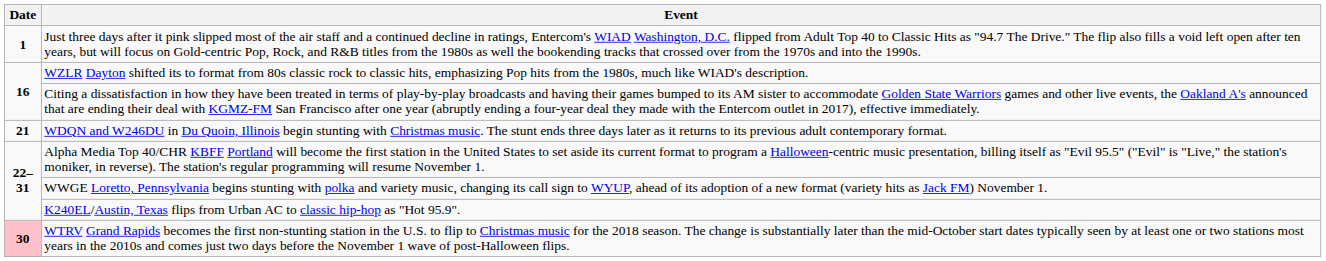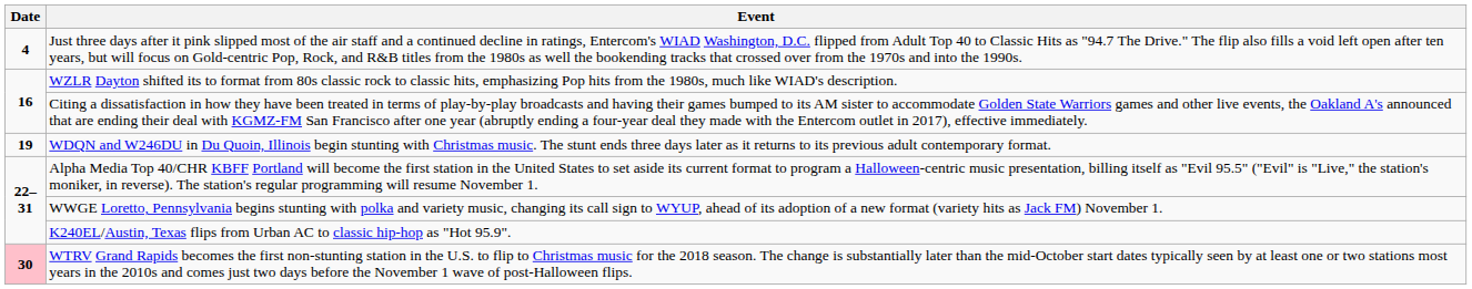 <table class="wikitable">
 <tr>
 <th>Date</th>
 <th>Event</th>
 </tr>
 <tr>
-<td style="text-align:center;"><strong>1</strong></td>
+<td style="text-align:center;"><strong>4</strong></td>
 <td>Just three days after it pink slipped most of the air staff and a continued decline in ratings, Entercom's <a href='#'>WIAD</a> <a href='#'>Washington, D.C.</a> flipped from Adult Top 40 to Classic Hits as "94.7 The Drive." The flip also fills a void left open after ten years, but will focus on Gold-centric Pop, Rock, and R&B titles from the 1980s as well the bookending tracks that crossed over from the 1970s and into the 1990s.</td>
 </tr>
 <tr>
 <td style="text-align:center;" rowspan="2"><strong>16</strong></td>
 <td><a href='#'>WZLR</a> <a href='#'>Dayton</a> shifted its to format from 80s classic rock to classic hits, emphasizing Pop hits from the 1980s, much like WIAD's description.</td>
 </tr>
 <tr>
 <td>Citing a dissatisfaction in how they have been treated in terms of play-by-play broadcasts and having their games bumped to its AM sister to accommodate <a href='#'>Golden State Warriors</a> games and other live events, the <a href='#'>Oakland A's</a> announced that are ending their deal with <a href='#'>KGMZ-FM</a> San Francisco after one year (abruptly ending a four-year deal they made with the Entercom outlet in 2017), effective immediately.</td>
 </tr>
 <tr>
-<td style="text-align:center;"><strong>21</strong></td>
+<td style="text-align:center;"><strong>19</strong></td>
 <td><a href='#'>WDQN and W246DU</a> in <a href='#'>Du Quoin, Illinois</a> begin stunting with <a href='#'>Christmas music</a>. The stunt ends three days later as it returns to its previous adult contemporary format.</td>
 </tr>
 <tr>
 <td style="text-align:center;" rowspan=3><strong>22–31</strong></td>
 <td>Alpha Media Top 40/CHR <a href='#'>KBFF</a> <a href='#'>Portland</a> will become the first station in the United States to set aside its current format to program a <a href='#'>Halloween</a>-centric music presentation, billing itself as "Evil 95.5" ("Evil" is "Live," the station's moniker, in reverse). The station's regular programming will resume November 1.</td>
 </tr>
 <tr>
 <td>WWGE <a href='#'>Loretto, Pennsylvania</a> begins stunting with <a href='#'>polka</a> and variety music, changing its call sign to <a href='#'>WYUP</a>, ahead of its adoption of a new format (variety hits as <a href='#'>Jack FM</a>) November 1.</td>
 </tr>
 <tr>
 <td><a href='#'>K240EL</a>/<a href='#'>Austin, Texas</a> flips from Urban AC to <a href='#'>classic hip-hop</a> as "Hot 95.9".</td>
 </tr>
 <tr>
 <td style="background: pink; text-align:center;"><strong>30</strong></td>
 <td><a href='#'>WTRV</a> <a href='#'>Grand Rapids</a> becomes the first non-stunting station in the U.S. to flip to <a href='#'>Christmas music</a> for the 2018 season. The change is substantially later than the mid-October start dates typically seen by at least one or two stations most years in the 2010s and comes just two days before the November 1 wave of post-Halloween flips.</td>
 </tr>
 </table>
